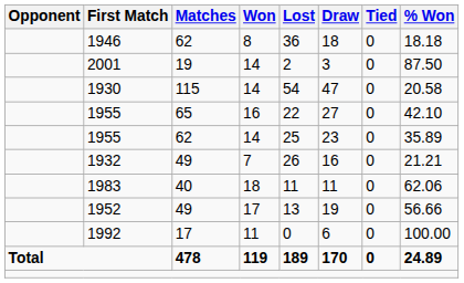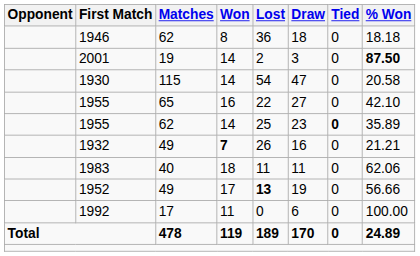 <table class="wikitable plainrowheaders sortable" style=align:center;>
 <tr>
 <th scope="col">Opponent</th>
 <th scope="col">First Match</th>
 <th scope="col"><a href='#'>Matches</a></th>
 <th scope="col"><a href='#'>Won</a></th>
 <th scope="col"><a href='#'>Lost</a></th>
 <th scope="col"><a href='#'>Draw</a></th>
 <th scope="col"><a href='#'>Tied</a></th>
 <th scope="col"><a href='#'>% Won</a></th>
 </tr>
 <tr>
 <td></td>
 <td>1946</td>
 <td>62</td>
 <td>8</td>
 <td>36</td>
 <td>18</td>
 <td>0</td>
 <td>18.18</td>
 </tr>
 <tr>
 <td></td>
 <td>2001</td>
 <td>19</td>
 <td>14</td>
 <td>2</td>
 <td>3</td>
 <td>0</td>
-<td>87.50</td>
+<td><strong>87.50</strong></td>
 </tr>
 <tr>
 <td></td>
 <td>1930</td>
 <td>115</td>
 <td>14</td>
 <td>54</td>
 <td>47</td>
 <td>0</td>
 <td>20.58</td>
 </tr>
 <tr>
 <td></td>
 <td>1955</td>
 <td>65</td>
 <td>16</td>
 <td>22</td>
 <td>27</td>
 <td>0</td>
 <td>42.10</td>
 </tr>
 <tr>
 <td></td>
 <td>1955</td>
 <td>62</td>
 <td>14</td>
 <td>25</td>
 <td>23</td>
-<td>0</td>
+<td><strong>0</strong></td>
 <td>35.89</td>
 </tr>
 <tr>
 <td></td>
 <td>1932</td>
 <td>49</td>
-<td>7</td>
+<td><strong>7</strong></td>
 <td>26</td>
 <td>16</td>
 <td>0</td>
 <td>21.21</td>
 </tr>
 <tr>
 <td></td>
 <td>1983</td>
 <td>40</td>
 <td>18</td>
 <td>11</td>
 <td>11</td>
 <td>0</td>
 <td>62.06</td>
 </tr>
 <tr>
 <td></td>
 <td>1952</td>
 <td>49</td>
 <td>17</td>
-<td>13</td>
+<td><strong>13</strong></td>
 <td>19</td>
 <td>0</td>
 <td>56.66</td>
 </tr>
 <tr>
 <td></td>
 <td>1992</td>
 <td>17</td>
 <td>11</td>
 <td>0</td>
 <td>6</td>
 <td>0</td>
 <td>100.00</td>
 </tr>
 <tr>
 <td colspan="2"><strong>Total</strong></td>
 <td><strong>478</strong></td>
 <td><strong>119</strong></td>
 <td><strong>189</strong></td>
 <td><strong>170</strong></td>
 <td><strong>0</strong></td>
 <td><strong>24.89</strong></td>
 </tr>
 <tr>
 <td colspan="8"></td>
 </tr>
 </table>
